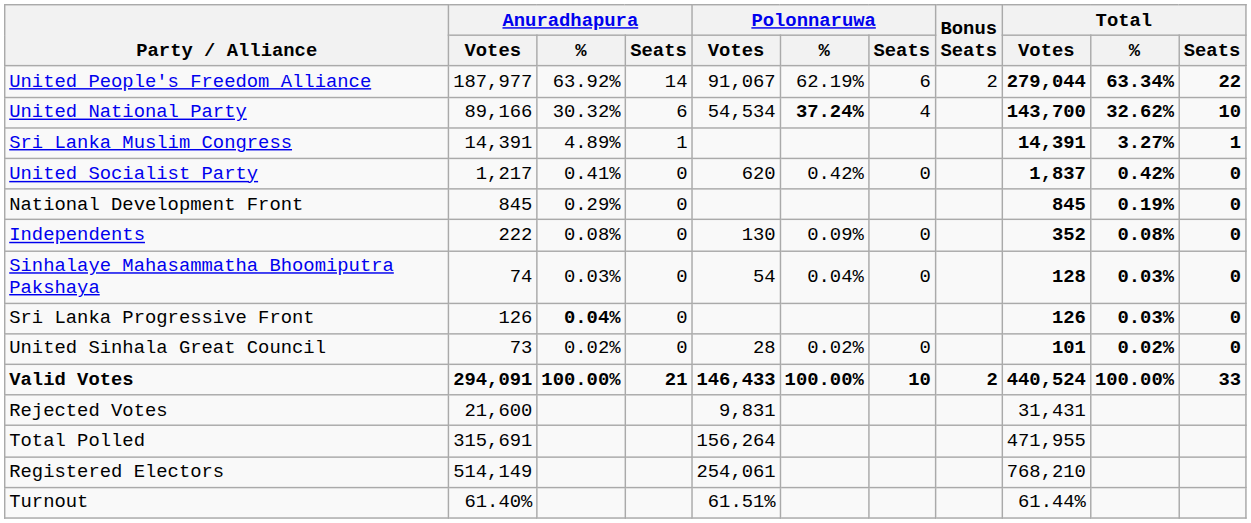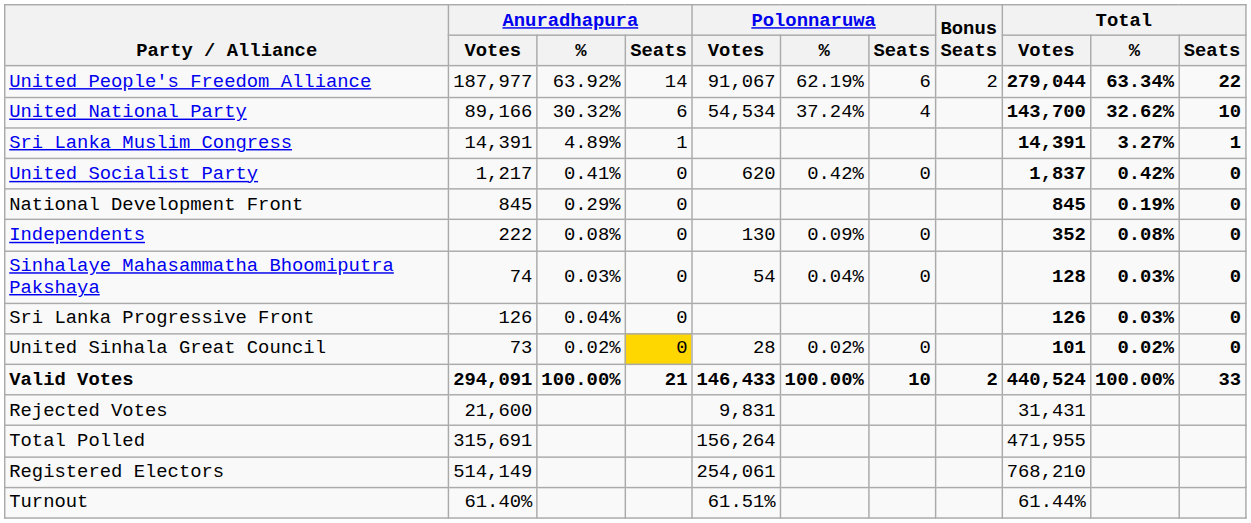 <table class="wikitable" border="1" style="text-align:right;">
 <tr>
 <th valign=bottom rowspan=2 width="300">Party / Alliance</th>
 <th colspan=3><a href='#'>Anuradhapura</a></th>
 <th colspan=3><a href='#'>Polonnaruwa</a></th>
 <th valign=bottom rowspan=2 width="40">Bonus<br>Seats</th>
 <th colspan=3>Total</th>
 </tr>
 <tr>
 <th align=center valign=bottom width="50">Votes</th>
 <th align=center valign=bottom width="50">%</th>
 <th align=center valign=bottom width="40">Seats</th>
 <th align=center valign=bottom width="50">Votes</th>
 <th align=center valign=bottom width="50">%</th>
 <th align=center valign=bottom width="40">Seats</th>
 <th align=center valign=bottom width="50">Votes</th>
 <th align=center valign=bottom width="50">%</th>
 <th align=center valign=bottom width="40">Seats</th>
 </tr>
 <tr>
 <td align=left><a href='#'>United People's Freedom Alliance</a></td>
 <td>187,977</td>
 <td>63.92%</td>
 <td>14</td>
 <td>91,067</td>
 <td>62.19%</td>
 <td>6</td>
 <td>2</td>
 <td><strong>279,044</strong></td>
 <td><strong>63.34%</strong></td>
 <td><strong>22</strong></td>
 </tr>
 <tr>
 <td align=left><a href='#'>United National Party</a></td>
 <td>89,166</td>
 <td>30.32%</td>
 <td>6</td>
 <td>54,534</td>
-<td><strong>37.24%</strong></td>
+<td>37.24%</td>
 <td>4</td>
 <td></td>
 <td><strong>143,700</strong></td>
 <td><strong>32.62%</strong></td>
 <td><strong>10</strong></td>
 </tr>
 <tr>
 <td align=left><a href='#'>Sri Lanka Muslim Congress</a></td>
 <td>14,391</td>
 <td>4.89%</td>
 <td>1</td>
 <td></td>
 <td></td>
 <td></td>
 <td></td>
 <td><strong>14,391</strong></td>
 <td><strong>3.27%</strong></td>
 <td><strong>1</strong></td>
 </tr>
 <tr>
 <td align=left><a href='#'>United Socialist Party</a></td>
 <td>1,217</td>
 <td>0.41%</td>
 <td>0</td>
 <td>620</td>
 <td>0.42%</td>
 <td>0</td>
 <td></td>
 <td><strong>1,837</strong></td>
 <td><strong>0.42%</strong></td>
 <td><strong>0</strong></td>
 </tr>
 <tr>
 <td align=left>National Development Front</td>
 <td>845</td>
 <td>0.29%</td>
 <td>0</td>
 <td></td>
 <td></td>
 <td></td>
 <td></td>
 <td><strong>845</strong></td>
 <td><strong>0.19%</strong></td>
 <td><strong>0</strong></td>
 </tr>
 <tr>
 <td align=left><a href='#'>Independents</a></td>
 <td>222</td>
 <td>0.08%</td>
 <td>0</td>
 <td>130</td>
 <td>0.09%</td>
 <td>0</td>
 <td></td>
 <td><strong>352</strong></td>
 <td><strong>0.08%</strong></td>
 <td><strong>0</strong></td>
 </tr>
 <tr>
 <td align=left><a href='#'>Sinhalaye Mahasammatha Bhoomiputra Pakshaya</a></td>
 <td>74</td>
 <td>0.03%</td>
 <td>0</td>
 <td>54</td>
 <td>0.04%</td>
 <td>0</td>
 <td></td>
 <td><strong>128</strong></td>
 <td><strong>0.03%</strong></td>
 <td><strong>0</strong></td>
 </tr>
 <tr>
 <td align=left>Sri Lanka Progressive Front</td>
 <td>126</td>
-<td><strong>0.04%</strong></td>
+<td>0.04%</td>
 <td>0</td>
 <td></td>
 <td></td>
 <td></td>
 <td></td>
 <td><strong>126</strong></td>
 <td><strong>0.03%</strong></td>
 <td><strong>0</strong></td>
 </tr>
 <tr>
 <td align=left>United Sinhala Great Council</td>
 <td>73</td>
 <td>0.02%</td>
-<td>0</td>
+<td style="background: gold;">0</td>
 <td>28</td>
 <td>0.02%</td>
 <td>0</td>
 <td></td>
 <td><strong>101</strong></td>
 <td><strong>0.02%</strong></td>
 <td><strong>0</strong></td>
 </tr>
 <tr>
 <td align=left><strong>Valid Votes</strong></td>
 <td><strong>294,091</strong></td>
 <td><strong>100.00%</strong></td>
 <td><strong>21</strong></td>
 <td><strong>146,433</strong></td>
 <td><strong>100.00%</strong></td>
 <td><strong>10</strong></td>
 <td><strong>2</strong></td>
 <td><strong>440,524</strong></td>
 <td><strong>100.00%</strong></td>
 <td><strong>33</strong></td>
 </tr>
 <tr>
 <td align=left>Rejected Votes</td>
 <td>21,600</td>
 <td></td>
 <td></td>
 <td>9,831</td>
 <td></td>
 <td></td>
 <td></td>
 <td>31,431</td>
 <td></td>
 <td></td>
 </tr>
 <tr>
 <td align=left>Total Polled</td>
 <td>315,691</td>
 <td></td>
 <td></td>
 <td>156,264</td>
 <td></td>
 <td></td>
 <td></td>
 <td>471,955</td>
 <td></td>
 <td></td>
 </tr>
 <tr>
 <td align=left>Registered Electors</td>
 <td>514,149</td>
 <td></td>
 <td></td>
 <td>254,061</td>
 <td></td>
 <td></td>
 <td></td>
 <td>768,210</td>
 <td></td>
 <td></td>
 </tr>
 <tr>
 <td align=left>Turnout</td>
 <td>61.40%</td>
 <td></td>
 <td></td>
 <td>61.51%</td>
 <td></td>
 <td></td>
 <td></td>
 <td>61.44%</td>
 <td></td>
 <td></td>
 </tr>
 </table>
